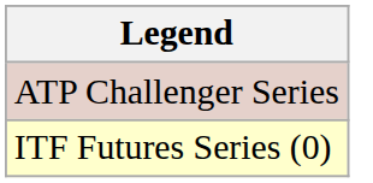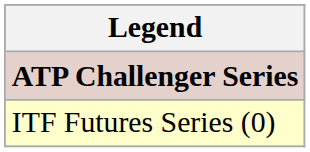 <table class="wikitable">
 <tr>
 <th>Legend</th>
 </tr>
 <tr bgcolor="#e5d1cb">
-<td>ATP Challenger Series</td>
+<td><strong>ATP Challenger Series</strong></td>
 </tr>
 <tr bgcolor="#ffffcc">
 <td>ITF Futures Series (0)</td>
 </tr>
 </table>
